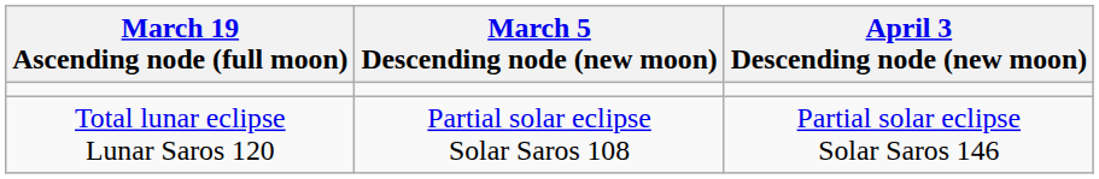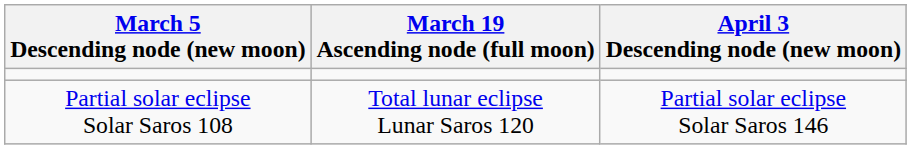 <table class="wikitable">
 <tr>
+<th><a href='#'>March 5</a><br>Descending node (new moon)<br></th>
 <th><a href='#'>March 19</a><br>Ascending node (full moon)<br></th>
-<th><a href='#'>March 5</a><br>Descending node (new moon)<br></th>
 <th><a href='#'>April 3</a><br>Descending node (new moon)<br></th>
 </tr>
 <tr>
 <td></td>
 <td></td>
 <td></td>
 </tr>
 <tr align=center>
+<td><a href='#'>Partial solar eclipse</a><br>Solar Saros 108</td>
 <td><a href='#'>Total lunar eclipse</a><br>Lunar Saros 120</td>
-<td><a href='#'>Partial solar eclipse</a><br>Solar Saros 108</td>
 <td><a href='#'>Partial solar eclipse</a><br>Solar Saros 146</td>
 </tr>
 </table>
